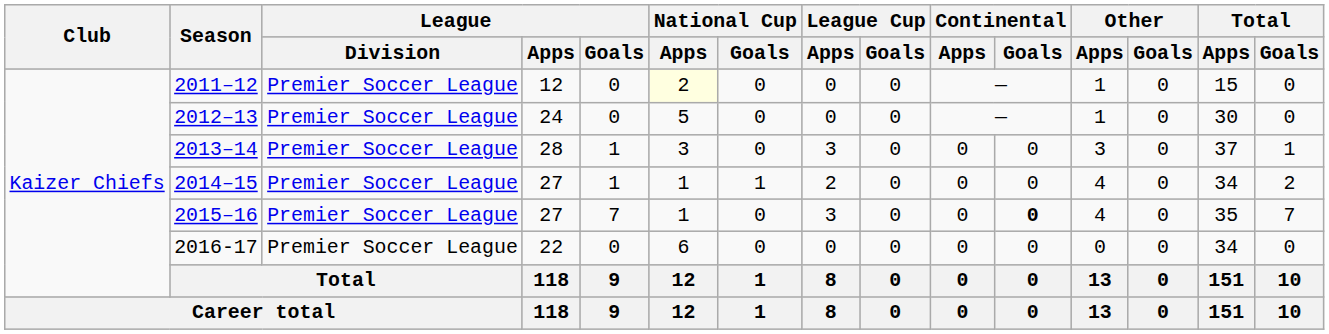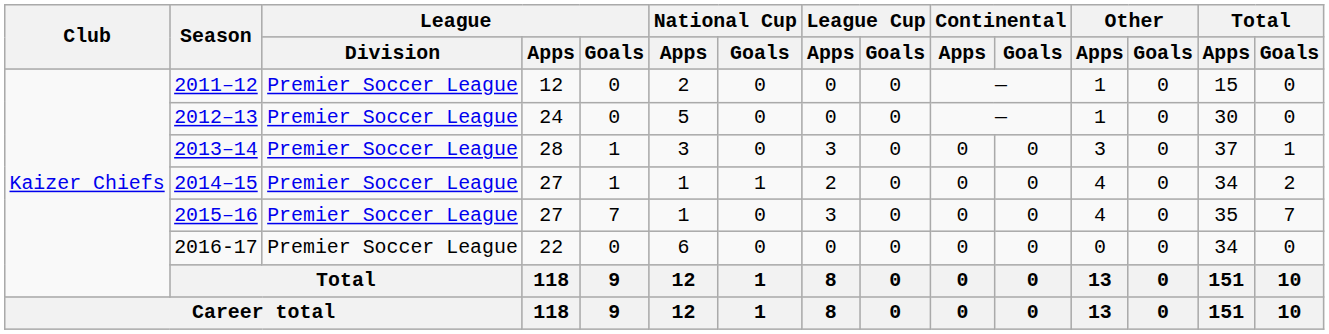 <table class="wikitable" style="text-align:center">
 <tr>
 <th rowspan="2">Club</th>
 <th rowspan="2">Season</th>
 <th colspan="3">League</th>
 <th colspan="2">National Cup</th>
 <th colspan="2">League Cup</th>
 <th colspan="2">Continental</th>
 <th colspan="2">Other</th>
 <th colspan="2">Total</th>
 </tr>
 <tr>
 <th>Division</th>
 <th>Apps</th>
 <th>Goals</th>
 <th>Apps</th>
 <th>Goals</th>
 <th>Apps</th>
 <th>Goals</th>
 <th>Apps</th>
 <th>Goals</th>
 <th>Apps</th>
 <th>Goals</th>
 <th>Apps</th>
 <th>Goals</th>
 </tr>
 <tr>
 <td rowspan="7"><a href='#'>Kaizer Chiefs</a></td>
 <td><a href='#'>2011–12</a></td>
 <td><a href='#'>Premier Soccer League</a></td>
 <td>12</td>
 <td>0</td>
-<td style="background: lightyellow;">2</td>
+<td>2</td>
 <td>0</td>
 <td>0</td>
 <td>0</td>
 <td colspan="2">—</td>
 <td>1</td>
 <td>0</td>
 <td>15</td>
 <td>0</td>
 </tr>
 <tr>
 <td><a href='#'>2012–13</a></td>
 <td><a href='#'>Premier Soccer League</a></td>
 <td>24</td>
 <td>0</td>
 <td>5</td>
 <td>0</td>
 <td>0</td>
 <td>0</td>
 <td colspan="2">—</td>
 <td>1</td>
 <td>0</td>
 <td>30</td>
 <td>0</td>
 </tr>
 <tr>
 <td><a href='#'>2013–14</a></td>
 <td><a href='#'>Premier Soccer League</a></td>
 <td>28</td>
 <td>1</td>
 <td>3</td>
 <td>0</td>
 <td>3</td>
 <td>0</td>
 <td>0</td>
 <td>0</td>
 <td>3</td>
 <td>0</td>
 <td>37</td>
 <td>1</td>
 </tr>
 <tr>
 <td><a href='#'>2014–15</a></td>
 <td><a href='#'>Premier Soccer League</a></td>
 <td>27</td>
 <td>1</td>
 <td>1</td>
 <td>1</td>
 <td>2</td>
 <td>0</td>
 <td>0</td>
 <td>0</td>
 <td>4</td>
 <td>0</td>
 <td>34</td>
 <td>2</td>
 </tr>
 <tr>
 <td><a href='#'>2015–16</a></td>
 <td><a href='#'>Premier Soccer League</a></td>
 <td>27</td>
 <td>7</td>
 <td>1</td>
 <td>0</td>
 <td>3</td>
 <td>0</td>
 <td>0</td>
-<td><strong>0</strong></td>
+<td>0</td>
 <td>4</td>
 <td>0</td>
 <td>35</td>
 <td>7</td>
 </tr>
 <tr>
 <td>2016-17</td>
 <td>Premier Soccer League</td>
 <td>22</td>
 <td>0</td>
 <td>6</td>
 <td>0</td>
 <td>0</td>
 <td>0</td>
 <td>0</td>
 <td>0</td>
 <td>0</td>
 <td>0</td>
 <td>34</td>
 <td>0</td>
 </tr>
 <tr>
 <th colspan="2">Total</th>
 <th>118</th>
 <th>9</th>
 <th>12</th>
 <th>1</th>
 <th>8</th>
 <th>0</th>
 <th>0</th>
 <th>0</th>
 <th>13</th>
 <th>0</th>
 <th>151</th>
 <th>10</th>
 </tr>
 <tr>
 <th colspan="3">Career total</th>
 <th>118</th>
 <th>9</th>
 <th>12</th>
 <th>1</th>
 <th>8</th>
 <th>0</th>
 <th>0</th>
 <th>0</th>
 <th>13</th>
 <th>0</th>
 <th>151</th>
 <th>10</th>
 </tr>
 </table>
